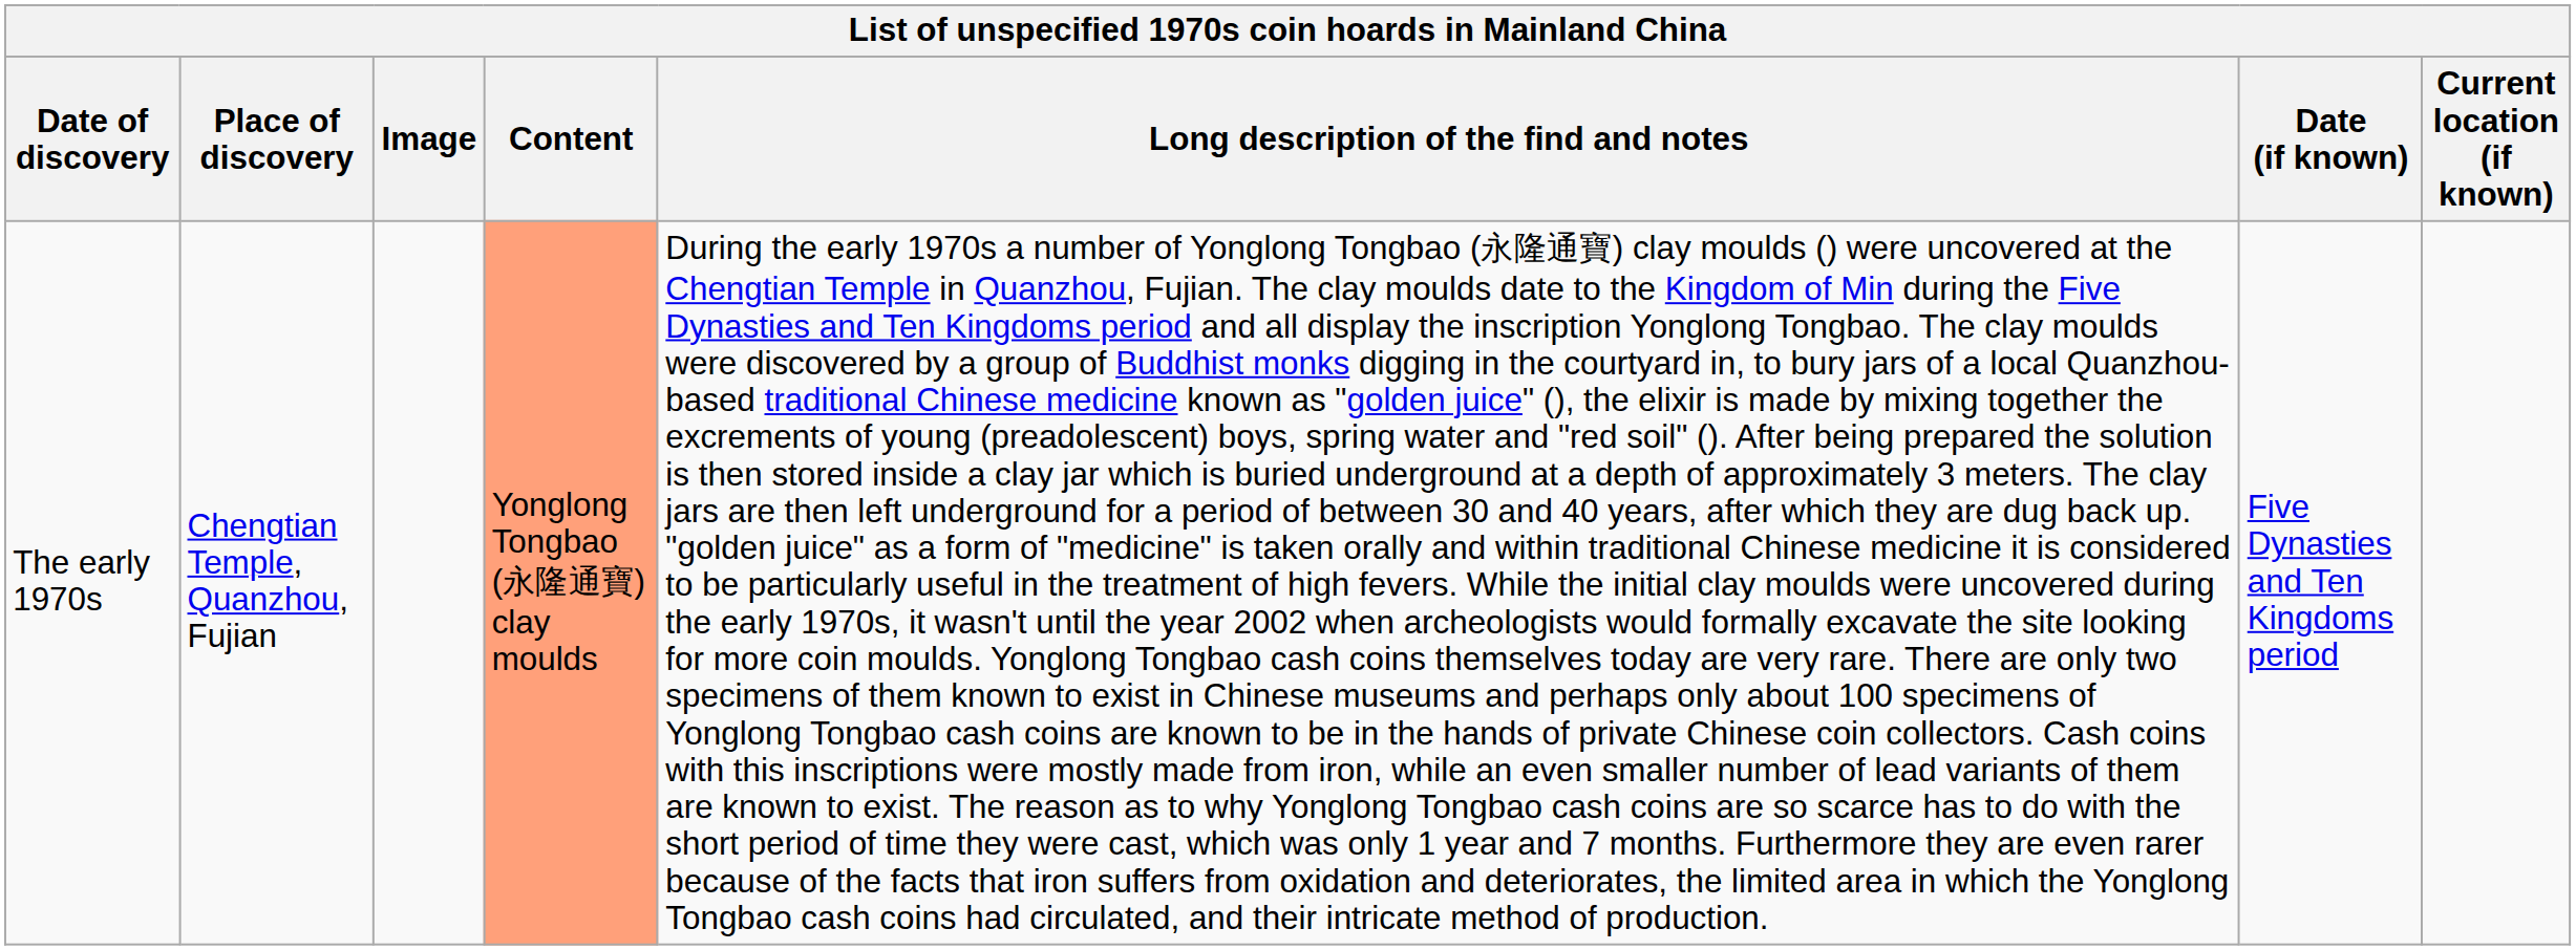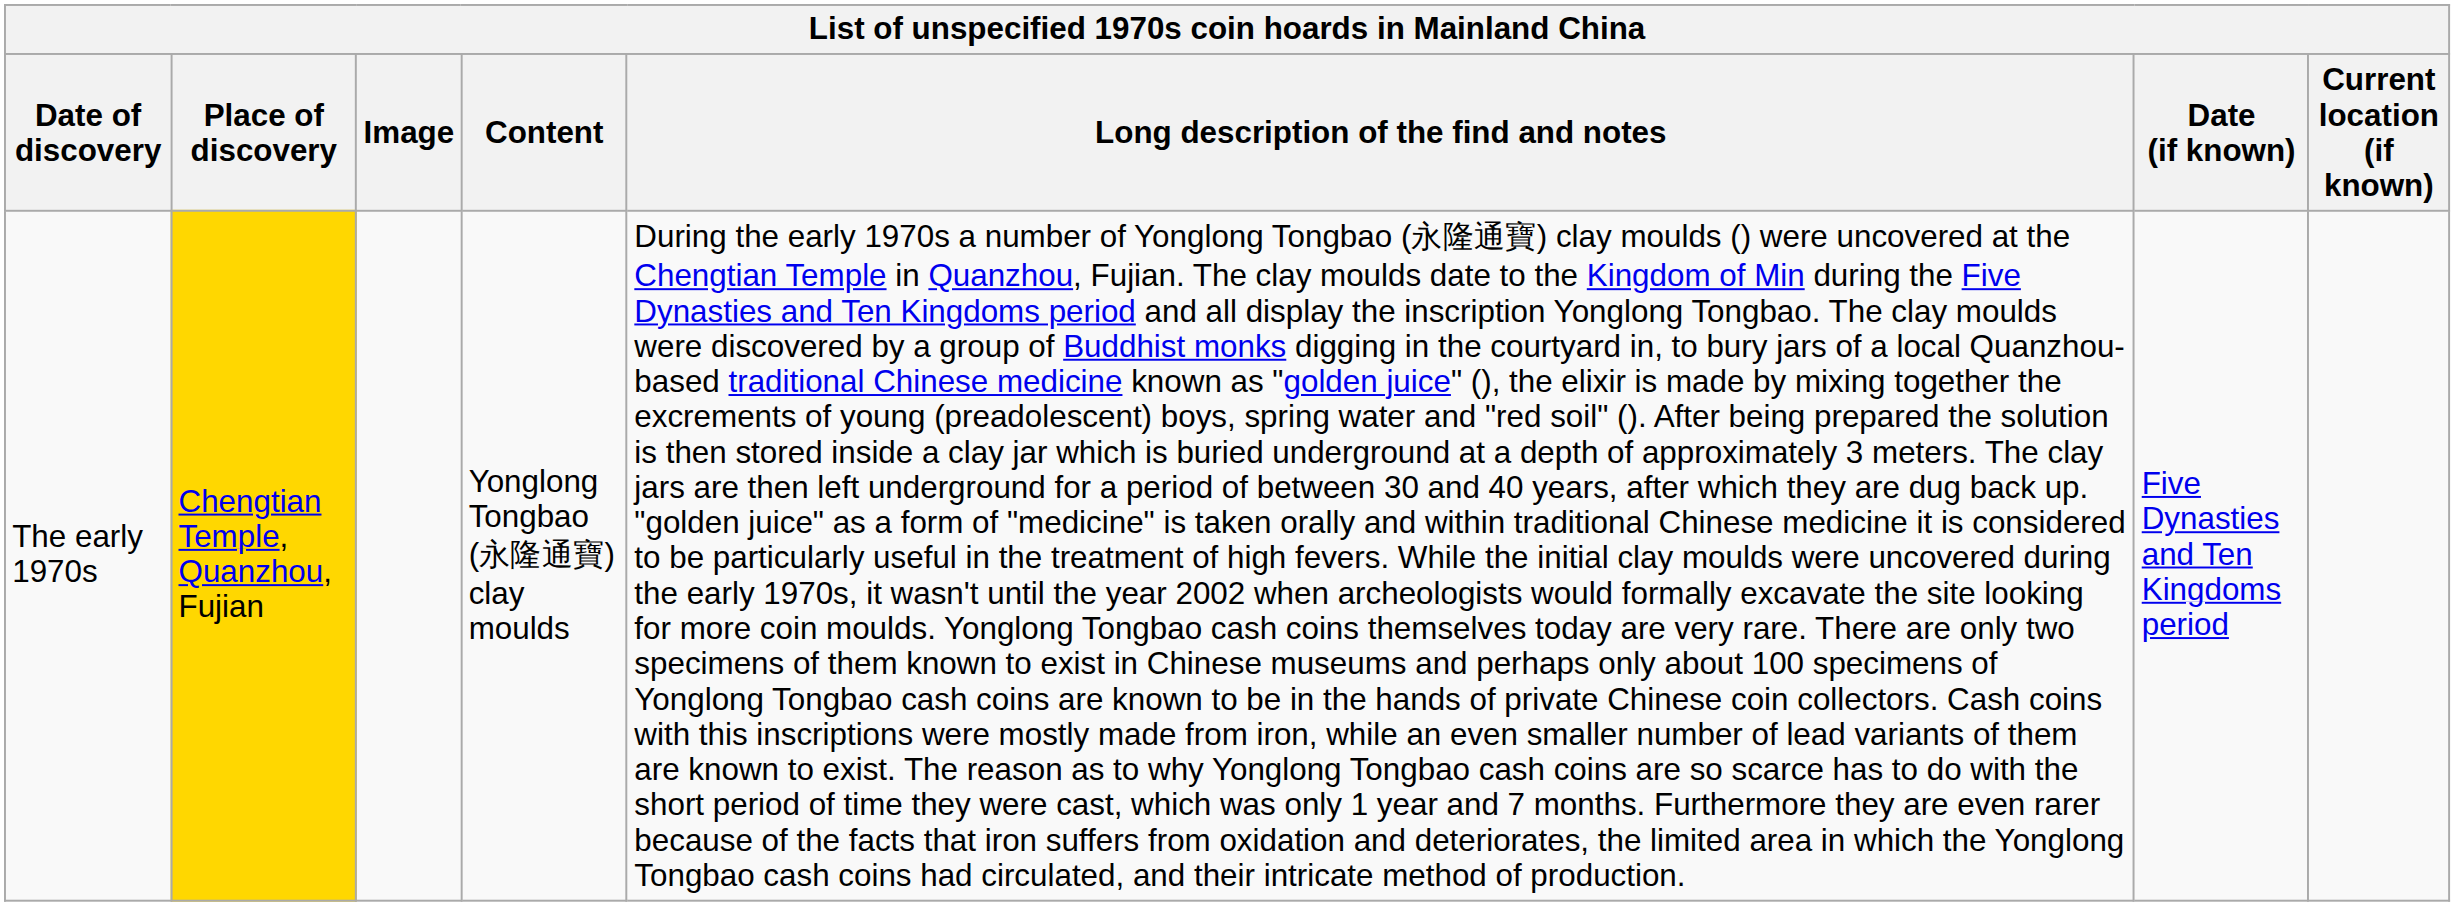 <table class="wikitable" style="font-size: 100%">
 <tr>
 <th colspan=7>List of unspecified 1970s coin hoards in Mainland China</th>
 </tr>
 <tr>
 <th>Date of discovery</th>
 <th>Place of discovery</th>
 <th>Image</th>
 <th>Content</th>
 <th>Long description of the find and notes</th>
 <th>Date<br>(if known)</th>
 <th>Current location<br>(if known)</th>
 </tr>
 <tr>
 <td>The early 1970s</td>
-<td><a href='#'>Chengtian Temple</a>, <a href='#'>Quanzhou</a>, Fujian</td>
+<td style="background: gold;"><a href='#'>Chengtian Temple</a>, <a href='#'>Quanzhou</a>, Fujian</td>
 <td></td>
-<td style="background: lightsalmon;">Yonglong Tongbao (永隆通寶) clay moulds</td>
+<td>Yonglong Tongbao (永隆通寶) clay moulds</td>
 <td>During the early 1970s a number of Yonglong Tongbao (永隆通寶) clay moulds () were uncovered at the <a href='#'>Chengtian Temple</a> in <a href='#'>Quanzhou</a>, Fujian. The clay moulds date to the <a href='#'>Kingdom of Min</a> during the <a href='#'>Five Dynasties and Ten Kingdoms period</a> and all display the inscription Yonglong Tongbao. The clay moulds were discovered by a group of <a href='#'>Buddhist monks</a> digging in the courtyard in, to bury jars of a local Quanzhou-based <a href='#'>traditional Chinese medicine</a> known as "<a href='#'>golden juice</a>" (), the elixir is made by mixing together the excrements of young (preadolescent) boys, spring water and "red soil" (). After being prepared the solution is then stored inside a clay jar which is buried underground at a depth of approximately 3 meters. The clay jars are then left underground for a period of between 30 and 40 years, after which they are dug back up. "golden juice" as a form of "medicine" is taken orally and within traditional Chinese medicine it is considered to be particularly useful in the treatment of high fevers. While the initial clay moulds were uncovered during the early 1970s, it wasn't until the year 2002 when archeologists would formally excavate the site looking for more coin moulds. Yonglong Tongbao cash coins themselves today are very rare. There are only two specimens of them known to exist in Chinese museums and perhaps only about 100 specimens of Yonglong Tongbao cash coins are known to be in the hands of private Chinese coin collectors. Cash coins with this inscriptions were mostly made from iron, while an even smaller number of lead variants of them are known to exist. The reason as to why Yonglong Tongbao cash coins are so scarce has to do with the short period of time they were cast, which was only 1 year and 7 months. Furthermore they are even rarer because of the facts that iron suffers from oxidation and deteriorates, the limited area in which the Yonglong Tongbao cash coins had circulated, and their intricate method of production.</td>
 <td><a href='#'>Five Dynasties and Ten Kingdoms period</a></td>
 <td></td>
 </tr>
 </table>
